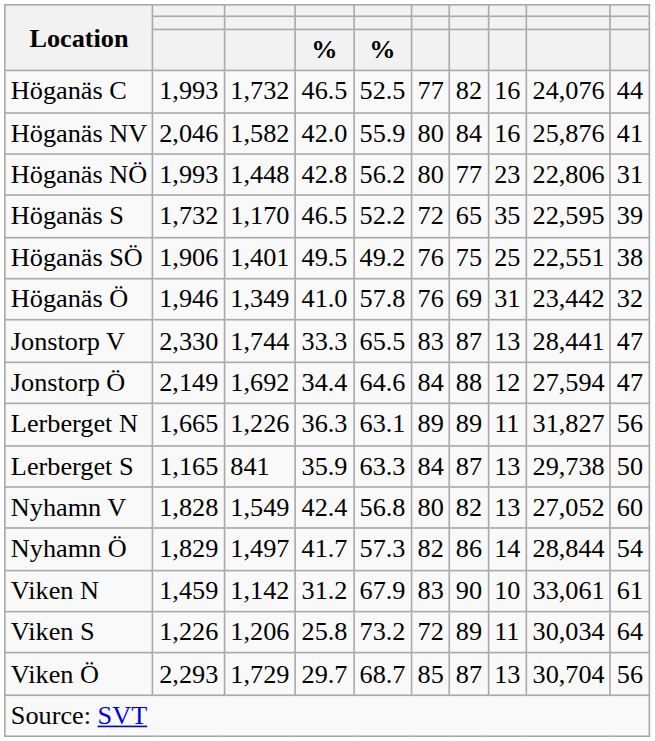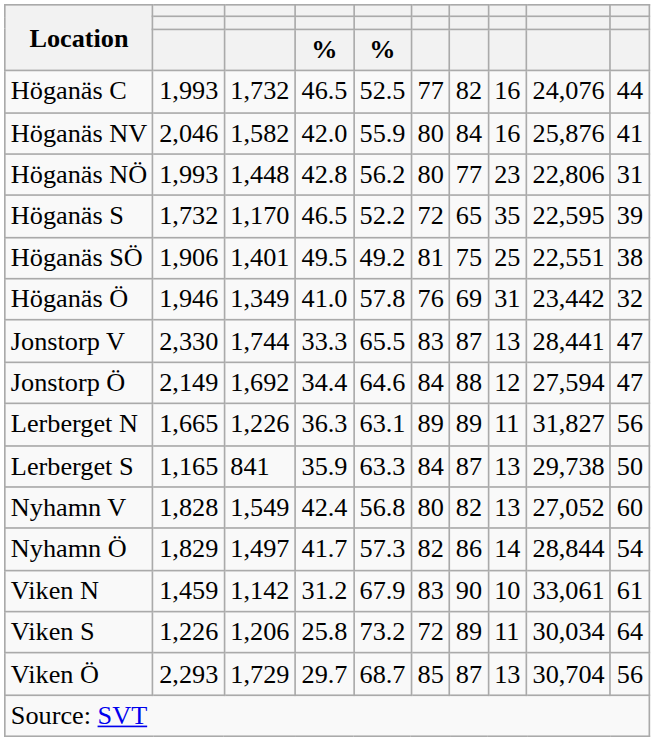 <table role="presentation" class="wikitable sortable mw-collapsible">
 <tr>
 <th rowspan="3">Location</th>
 <th></th>
 <th></th>
 <th></th>
 <th></th>
 <th></th>
 <th></th>
 <th></th>
 <th></th>
 <th></th>
 </tr>
 <tr>
 <th></th>
 <th></th>
 <th style="background:"></th>
 <th style="background:"></th>
 <th></th>
 <th></th>
 <th></th>
 <th></th>
 <th></th>
 </tr>
 <tr>
 <th data-sort-type="number"></th>
 <th data-sort-type="number"></th>
 <th data-sort-type="number">%</th>
 <th data-sort-type="number">%</th>
 <th data-sort-type="number"></th>
 <th data-sort-type="number"></th>
 <th data-sort-type="number"></th>
 <th data-sort-type="number"></th>
 <th data-sort-type="number"></th>
 </tr>
 <tr>
 <td align="left">Höganäs C</td>
 <td>1,993</td>
 <td>1,732</td>
 <td>46.5</td>
 <td>52.5</td>
 <td>77</td>
 <td>82</td>
 <td>16</td>
 <td>24,076</td>
 <td>44</td>
 </tr>
 <tr>
 <td align="left">Höganäs NV</td>
 <td>2,046</td>
 <td>1,582</td>
 <td>42.0</td>
 <td>55.9</td>
 <td>80</td>
 <td>84</td>
 <td>16</td>
 <td>25,876</td>
 <td>41</td>
 </tr>
 <tr>
 <td align="left">Höganäs NÖ</td>
 <td>1,993</td>
 <td>1,448</td>
 <td>42.8</td>
 <td>56.2</td>
 <td>80</td>
 <td>77</td>
 <td>23</td>
 <td>22,806</td>
 <td>31</td>
 </tr>
 <tr>
 <td align="left">Höganäs S</td>
 <td>1,732</td>
 <td>1,170</td>
 <td>46.5</td>
 <td>52.2</td>
 <td>72</td>
 <td>65</td>
 <td>35</td>
 <td>22,595</td>
 <td>39</td>
 </tr>
 <tr>
 <td align="left">Höganäs SÖ</td>
 <td>1,906</td>
 <td>1,401</td>
 <td>49.5</td>
 <td>49.2</td>
-<td>76</td>
+<td>81</td>
 <td>75</td>
 <td>25</td>
 <td>22,551</td>
 <td>38</td>
 </tr>
 <tr>
 <td align="left">Höganäs Ö</td>
 <td>1,946</td>
 <td>1,349</td>
 <td>41.0</td>
 <td>57.8</td>
 <td>76</td>
 <td>69</td>
 <td>31</td>
 <td>23,442</td>
 <td>32</td>
 </tr>
 <tr>
 <td align="left">Jonstorp V</td>
 <td>2,330</td>
 <td>1,744</td>
 <td>33.3</td>
 <td>65.5</td>
 <td>83</td>
 <td>87</td>
 <td>13</td>
 <td>28,441</td>
 <td>47</td>
 </tr>
 <tr>
 <td align="left">Jonstorp Ö</td>
 <td>2,149</td>
 <td>1,692</td>
 <td>34.4</td>
 <td>64.6</td>
 <td>84</td>
 <td>88</td>
 <td>12</td>
 <td>27,594</td>
 <td>47</td>
 </tr>
 <tr>
 <td align="left">Lerberget N</td>
 <td>1,665</td>
 <td>1,226</td>
 <td>36.3</td>
 <td>63.1</td>
 <td>89</td>
 <td>89</td>
 <td>11</td>
 <td>31,827</td>
 <td>56</td>
 </tr>
 <tr>
 <td align="left">Lerberget S</td>
 <td>1,165</td>
 <td>841</td>
 <td>35.9</td>
 <td>63.3</td>
 <td>84</td>
 <td>87</td>
 <td>13</td>
 <td>29,738</td>
 <td>50</td>
 </tr>
 <tr>
 <td align="left">Nyhamn V</td>
 <td>1,828</td>
 <td>1,549</td>
 <td>42.4</td>
 <td>56.8</td>
 <td>80</td>
 <td>82</td>
 <td>13</td>
 <td>27,052</td>
 <td>60</td>
 </tr>
 <tr>
 <td align="left">Nyhamn Ö</td>
 <td>1,829</td>
 <td>1,497</td>
 <td>41.7</td>
 <td>57.3</td>
 <td>82</td>
 <td>86</td>
 <td>14</td>
 <td>28,844</td>
 <td>54</td>
 </tr>
 <tr>
 <td align="left">Viken N</td>
 <td>1,459</td>
 <td>1,142</td>
 <td>31.2</td>
 <td>67.9</td>
 <td>83</td>
 <td>90</td>
 <td>10</td>
 <td>33,061</td>
 <td>61</td>
 </tr>
 <tr>
 <td align="left">Viken S</td>
 <td>1,226</td>
 <td>1,206</td>
 <td>25.8</td>
 <td>73.2</td>
 <td>72</td>
 <td>89</td>
 <td>11</td>
 <td>30,034</td>
 <td>64</td>
 </tr>
 <tr>
 <td align="left">Viken Ö</td>
 <td>2,293</td>
 <td>1,729</td>
 <td>29.7</td>
 <td>68.7</td>
 <td>85</td>
 <td>87</td>
 <td>13</td>
 <td>30,704</td>
 <td>56</td>
 </tr>
 <tr>
 <td colspan="10" align="left">Source: <a href='#'>SVT</a></td>
 </tr>
 </table>
